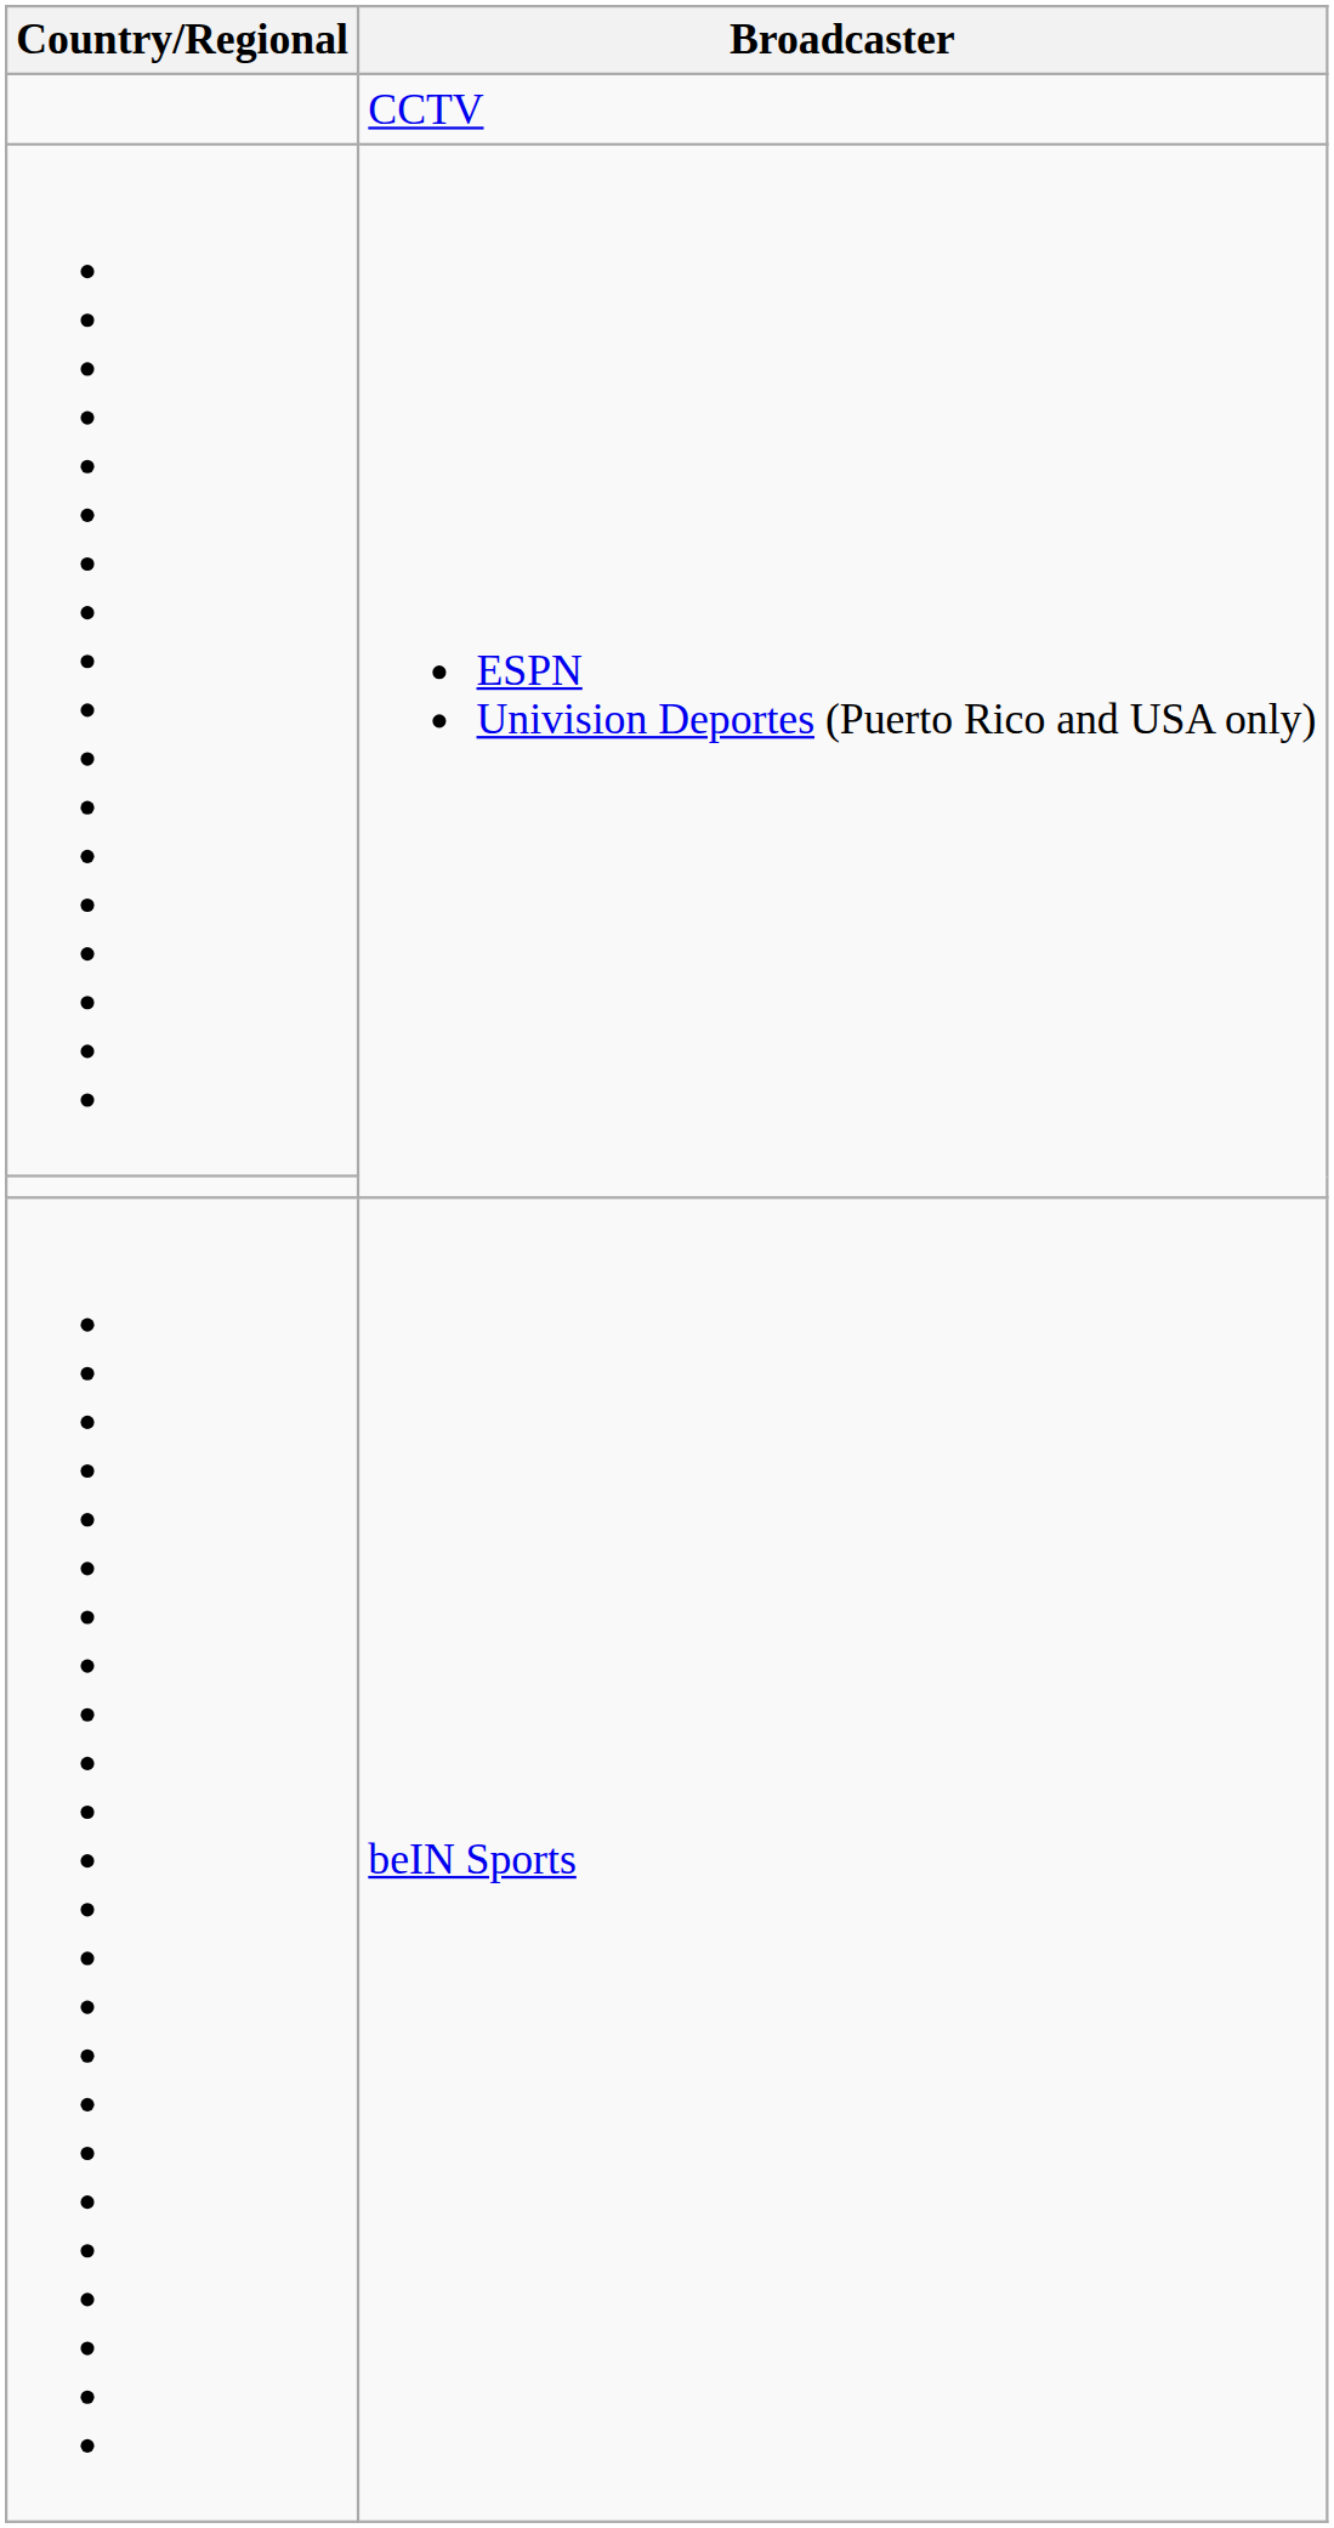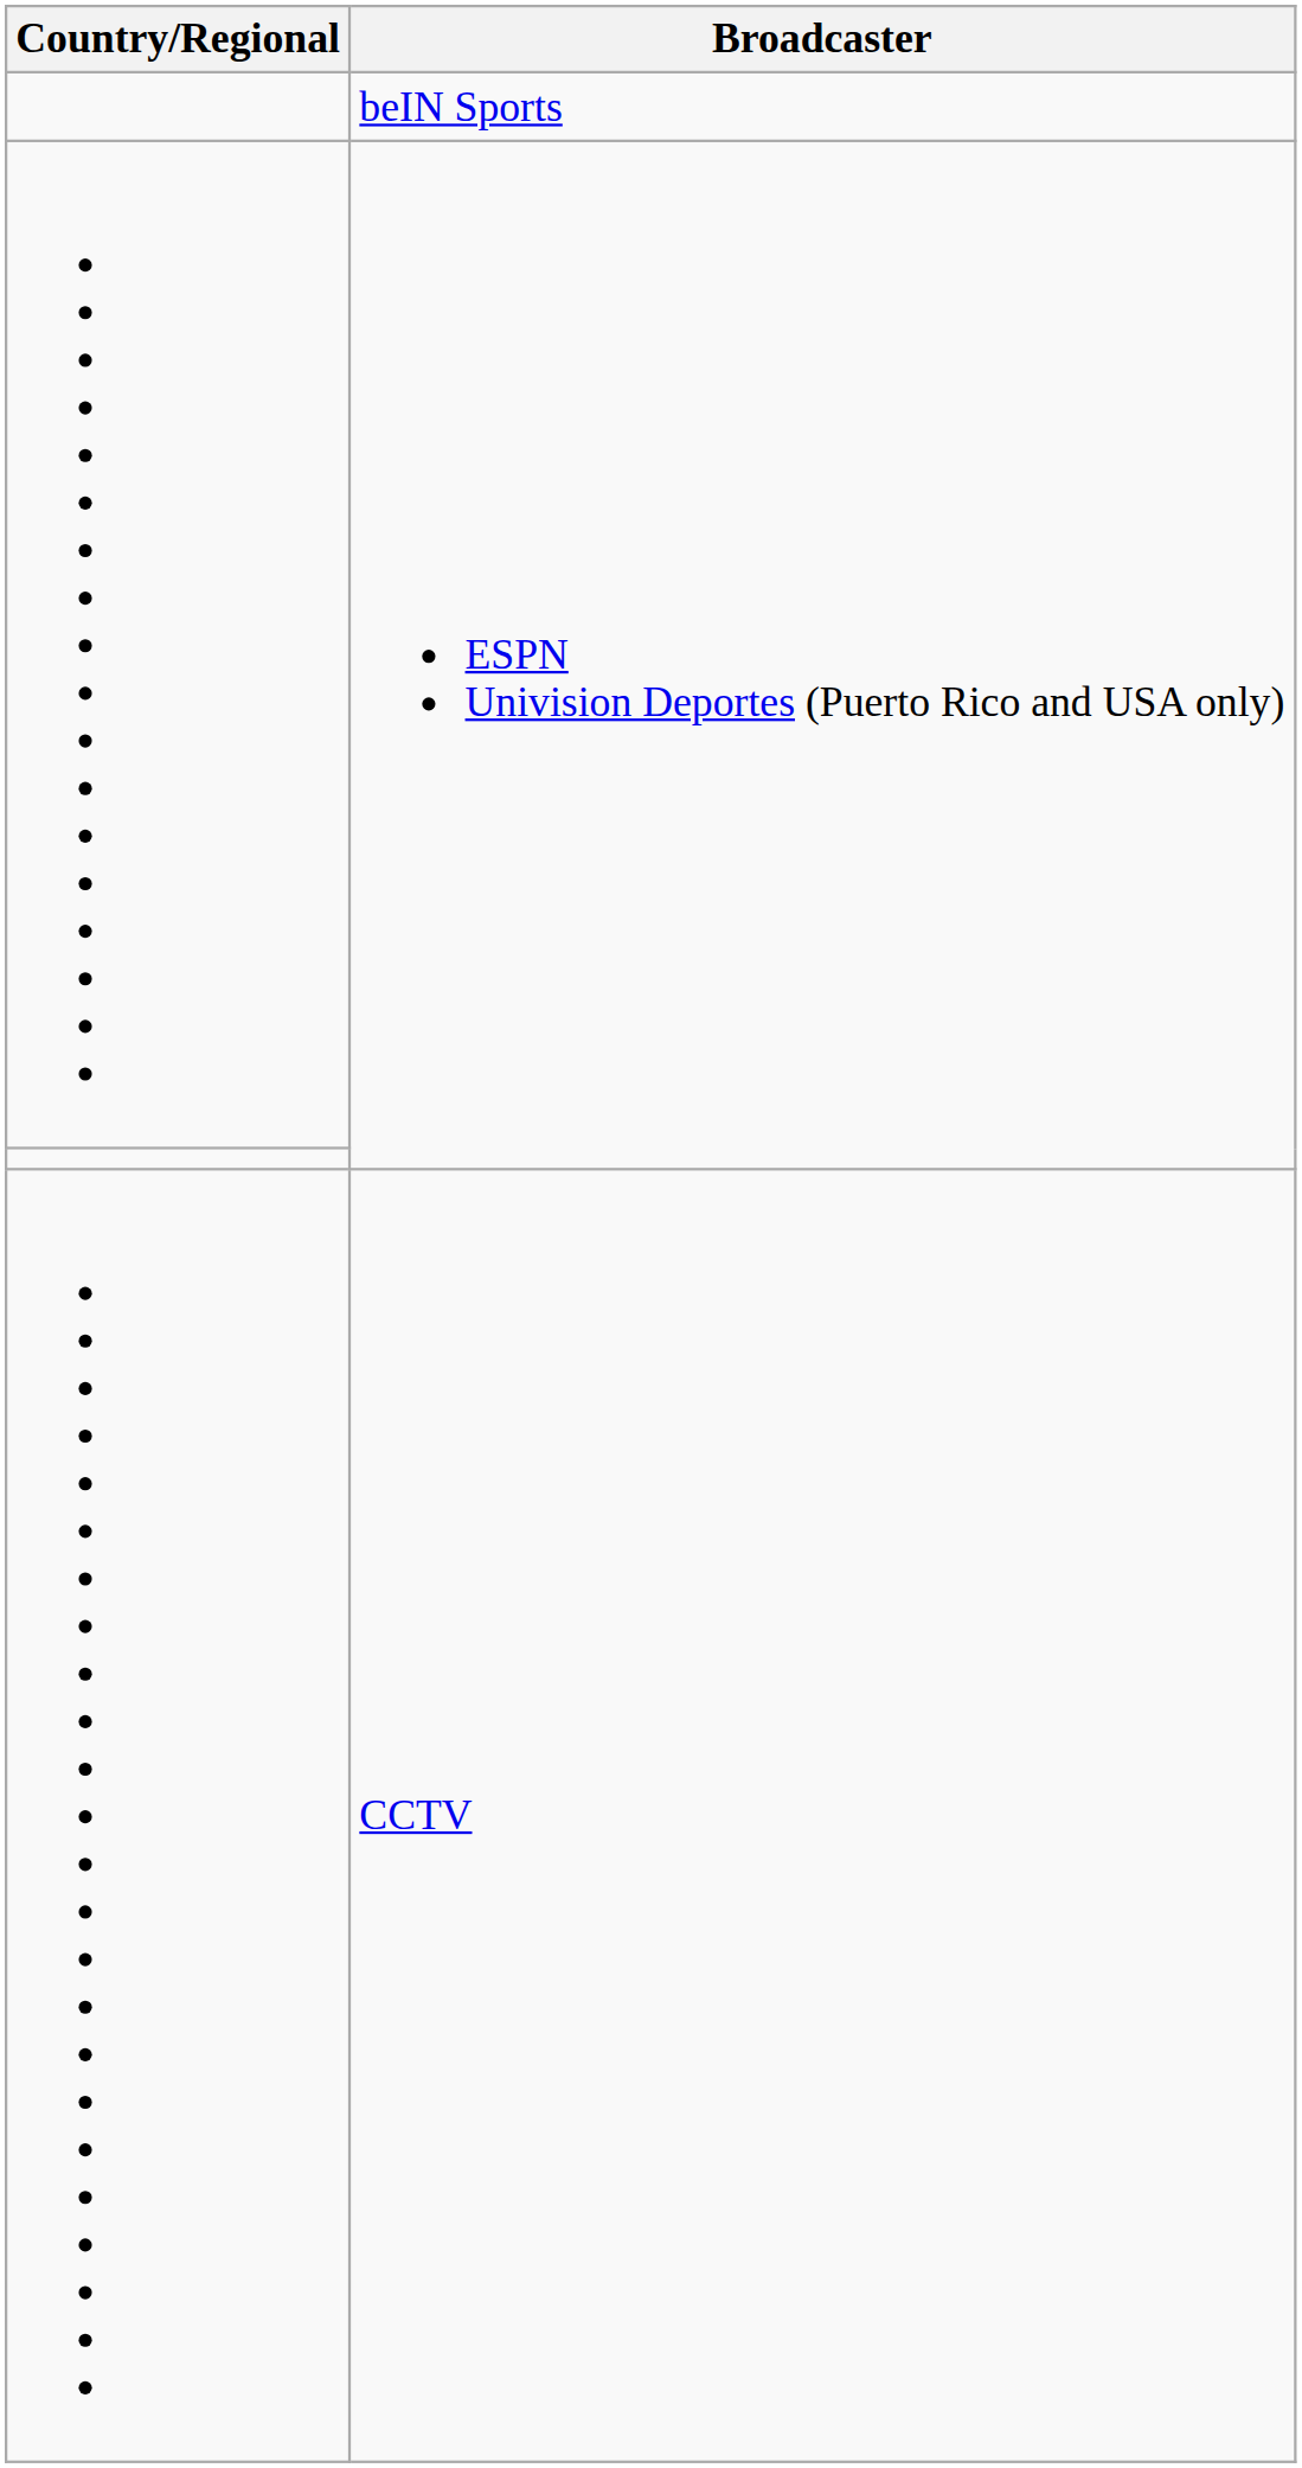 <table class="wikitable">
 <tr>
 <th>Country/Regional</th>
 <th>Broadcaster</th>
 </tr>
 <tr>
 <td></td>
-<td><a href='#'>CCTV</a></td>
+<td><a href='#'>beIN Sports</a></td>
 </tr>
 <tr>
 <td><br><ul><li></li><li></li><li></li><li></li><li></li><li></li><li></li><li></li><li></li><li></li><li></li><li></li><li></li><li></li><li></li><li></li><li></li><li></li></ul></td>
 <td rowspan="2"><br><ul><li><a href='#'>ESPN</a></li><li><a href='#'>Univision Deportes</a> (Puerto Rico and USA only)</li></ul></td>
 </tr>
 <tr>
 <td></td>
 </tr>
 <tr>
 <td><br><ul><li></li><li></li><li></li><li></li><li></li><li></li><li></li><li></li><li></li><li></li><li></li><li></li><li></li><li></li><li></li><li></li><li></li><li></li><li></li><li></li><li></li><li></li><li></li><li></li></ul></td>
-<td><a href='#'>beIN Sports</a></td>
+<td><a href='#'>CCTV</a></td>
 </tr>
 </table>
